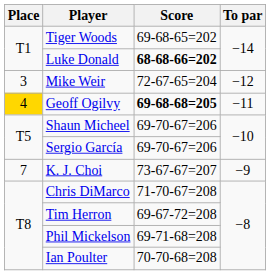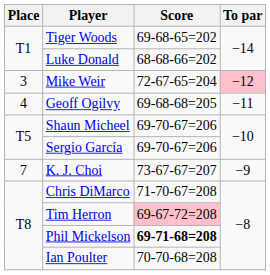 <table class="wikitable">
 <tr>
 <th>Place</th>
 <th>Player</th>
 <th>Score</th>
 <th>To par</th>
 </tr>
 <tr>
 <td rowspan="2" align=center>T1</td>
 <td> <a href='#'>Tiger Woods</a></td>
 <td>69-68-65=202</td>
 <td rowspan="2" align=center>−14</td>
 </tr>
 <tr>
 <td> <a href='#'>Luke Donald</a></td>
-<td><strong>68-68-66=202</strong></td>
+<td>68-68-66=202</td>
 </tr>
 <tr>
 <td align=center>3</td>
 <td> <a href='#'>Mike Weir</a></td>
 <td>72-67-65=204</td>
-<td align=center>−12</td>
+<td align=center style="background: pink;">−12</td>
 </tr>
 <tr>
-<td align=center style="background: gold;">4</td>
+<td align=center>4</td>
 <td> <a href='#'>Geoff Ogilvy</a></td>
-<td><strong>69-68-68=205</strong></td>
+<td>69-68-68=205</td>
 <td align=center>−11</td>
 </tr>
 <tr>
 <td rowspan="2" align=center>T5</td>
 <td> <a href='#'>Shaun Micheel</a></td>
 <td>69-70-67=206</td>
 <td rowspan="2" align=center>−10</td>
 </tr>
 <tr>
 <td> <a href='#'>Sergio García</a></td>
 <td>69-70-67=206</td>
 </tr>
 <tr>
 <td align=center>7</td>
 <td> <a href='#'>K. J. Choi</a></td>
 <td>73-67-67=207</td>
 <td align=center>−9</td>
 </tr>
 <tr>
 <td rowspan="4" align=center>T8</td>
 <td> <a href='#'>Chris DiMarco</a></td>
 <td>71-70-67=208</td>
 <td rowspan="4" align=center>−8</td>
 </tr>
 <tr>
 <td> <a href='#'>Tim Herron</a></td>
-<td>69-67-72=208</td>
+<td style="background: pink;">69-67-72=208</td>
 </tr>
 <tr>
 <td> <a href='#'>Phil Mickelson</a></td>
-<td>69-71-68=208</td>
+<td><strong>69-71-68=208</strong></td>
 </tr>
 <tr>
 <td> <a href='#'>Ian Poulter</a></td>
 <td>70-70-68=208</td>
 </tr>
 </table>
